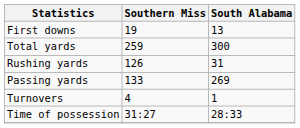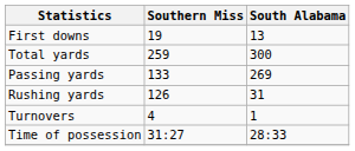 <table class="wikitable">
 <tr>
 <th>Statistics</th>
 <th>Southern Miss</th>
 <th>South Alabama</th>
 </tr>
 <tr>
 <td>First downs</td>
 <td>19</td>
 <td>13</td>
 </tr>
 <tr>
 <td>Total yards</td>
 <td>259</td>
 <td>300</td>
 </tr>
 <tr>
+<td>Passing yards</td>
+<td>133</td>
+<td>269</td>
+</tr>
+<tr>
 <td>Rushing yards</td>
 <td>126</td>
 <td>31</td>
-</tr>
-<tr>
-<td>Passing yards</td>
-<td>133</td>
-<td>269</td>
 </tr>
 <tr>
 <td>Turnovers</td>
 <td>4</td>
 <td>1</td>
 </tr>
 <tr>
 <td>Time of possession</td>
 <td>31:27</td>
 <td>28:33</td>
 </tr>
 <tr>
 </tr>
 </table>
